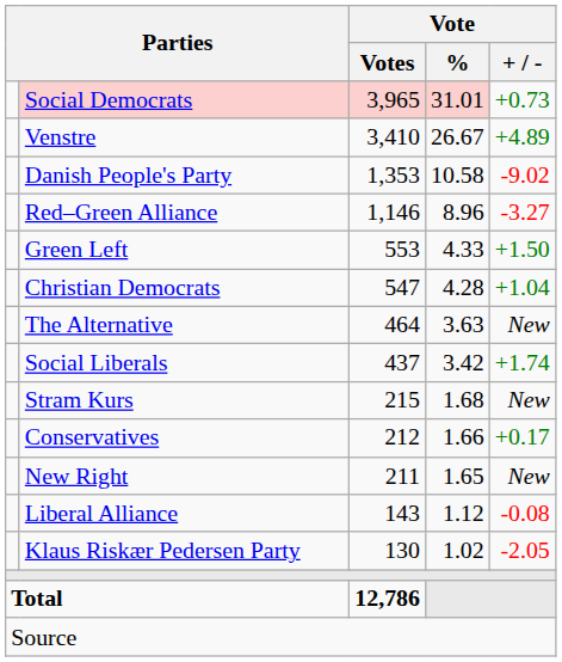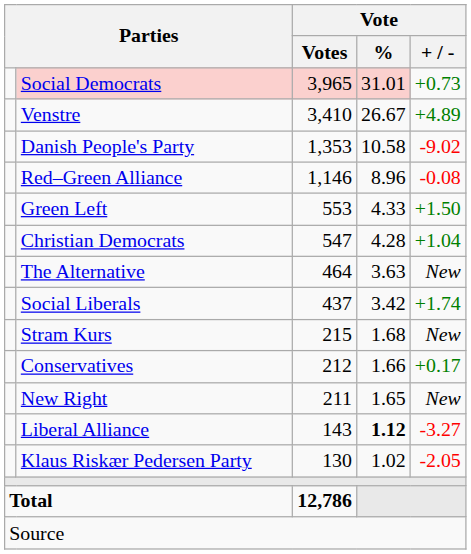 <table class="wikitable" style="text-align:right;">
 <tr>
 <th style="text-align:centre;" rowspan="2" colspan="2" width="225">Parties</th>
 <th colspan="3">Vote</th>
 </tr>
 <tr>
 <th width="15">Votes</th>
 <th width="15">%</th>
 <th width="15">+ / -</th>
 </tr>
 <tr>
 <td width="2" style="color:inherit;background:"></td>
 <td bgcolor=#fbd0ce  align="left"><a href='#'>Social Democrats</a></td>
 <td bgcolor=#fbd0ce>3,965</td>
 <td bgcolor=#fbd0ce>31.01</td>
 <td style=color:green;>+0.73</td>
 </tr>
 <tr>
 <td width="2" style="color:inherit;background:"></td>
 <td align="left"><a href='#'>Venstre</a></td>
 <td>3,410</td>
 <td>26.67</td>
 <td style=color:green;>+4.89</td>
 </tr>
 <tr>
 <td width="2" style="color:inherit;background:"></td>
 <td align="left"><a href='#'>Danish People's Party</a></td>
 <td>1,353</td>
 <td>10.58</td>
 <td style=color:red;>-9.02</td>
 </tr>
 <tr>
 <td width="2" style="color:inherit;background:"></td>
 <td align="left"><a href='#'>Red–Green Alliance</a></td>
 <td>1,146</td>
 <td>8.96</td>
-<td style=color:red;>-3.27</td>
+<td style=color:red;>-0.08</td>
 </tr>
 <tr>
 <td width="2" style="color:inherit;background:"></td>
 <td align="left"><a href='#'>Green Left</a></td>
 <td>553</td>
 <td>4.33</td>
 <td style=color:green;>+1.50</td>
 </tr>
 <tr>
 <td width="2" style="color:inherit;background:"></td>
 <td align="left"><a href='#'>Christian Democrats</a></td>
 <td>547</td>
 <td>4.28</td>
 <td style=color:green;>+1.04</td>
 </tr>
 <tr>
 <td width="2" style="color:inherit;background:"></td>
 <td align="left"><a href='#'>The Alternative</a></td>
 <td>464</td>
 <td>3.63</td>
 <td><em>New</em></td>
 </tr>
 <tr>
 <td width="2" style="color:inherit;background:"></td>
 <td align="left"><a href='#'>Social Liberals</a></td>
 <td>437</td>
 <td>3.42</td>
 <td style=color:green;>+1.74</td>
 </tr>
 <tr>
 <td width="2" style="color:inherit;background:"></td>
 <td align="left"><a href='#'>Stram Kurs</a></td>
 <td>215</td>
 <td>1.68</td>
 <td><em>New</em></td>
 </tr>
 <tr>
 <td width="2" style="color:inherit;background:"></td>
 <td align="left"><a href='#'>Conservatives</a></td>
 <td>212</td>
 <td>1.66</td>
 <td style=color:green;>+0.17</td>
 </tr>
 <tr>
 <td width="2" style="color:inherit;background:"></td>
 <td align="left"><a href='#'>New Right</a></td>
 <td>211</td>
 <td>1.65</td>
 <td><em>New</em></td>
 </tr>
 <tr>
 <td width="2" style="color:inherit;background:"></td>
 <td align="left"><a href='#'>Liberal Alliance</a></td>
 <td>143</td>
-<td>1.12</td>
-<td style=color:red;>-0.08</td>
+<td><strong>1.12</strong></td>
+<td style=color:red;>-3.27</td>
 </tr>
 <tr>
 <td width="2" style="color:inherit;background:"></td>
 <td align="left"><a href='#'>Klaus Riskær Pedersen Party</a></td>
 <td>130</td>
 <td>1.02</td>
 <td style=color:red;>-2.05</td>
 </tr>
 <tr>
 <td colspan="7" bgcolor="#E9E9E9"></td>
 </tr>
 <tr>
 <td align="left" colspan="2"><strong>Total</strong></td>
 <td><strong>12,786</strong></td>
 <td bgcolor="#E9E9E9" colspan="2"></td>
 </tr>
 <tr>
 <td align="left" colspan="6">Source</td>
 </tr>
 </table>
